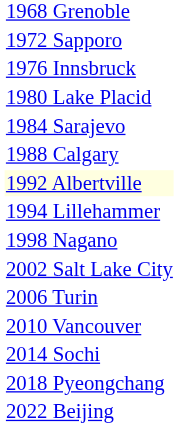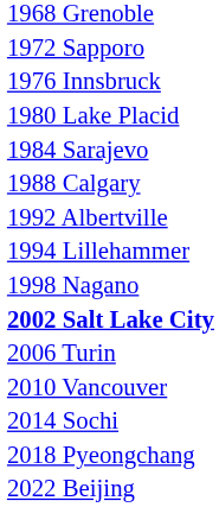 <table>
 <tr valign="top">
 <td><a href='#'>1968 Grenoble</a><br></td>
 <td></td>
 <td></td>
 <td></td>
 </tr>
 <tr valign="top">
 <td><a href='#'>1972 Sapporo</a><br></td>
 <td></td>
 <td></td>
 <td></td>
 </tr>
 <tr valign="top">
 <td><a href='#'>1976 Innsbruck</a><br></td>
 <td></td>
 <td></td>
 <td></td>
 </tr>
 <tr valign="top">
 <td><a href='#'>1980 Lake Placid</a><br></td>
 <td></td>
 <td></td>
 <td></td>
 </tr>
 <tr valign="top">
 <td><a href='#'>1984 Sarajevo</a><br></td>
 <td></td>
 <td></td>
 <td></td>
 </tr>
 <tr valign="top">
 <td><a href='#'>1988 Calgary</a><br></td>
 <td></td>
 <td></td>
 <td></td>
 </tr>
 <tr valign="top">
-<td style="background: lightyellow;"><a href='#'>1992 Albertville</a><br></td>
+<td><a href='#'>1992 Albertville</a><br></td>
 <td></td>
 <td></td>
 <td></td>
 </tr>
 <tr valign="top">
 <td><a href='#'>1994 Lillehammer</a><br></td>
 <td></td>
 <td></td>
 <td></td>
 </tr>
 <tr valign="top">
 <td><a href='#'>1998 Nagano</a><br></td>
 <td></td>
 <td></td>
 <td></td>
 </tr>
 <tr valign="top">
-<td><a href='#'>2002 Salt Lake City</a><br></td>
+<td><strong><a href='#'>2002 Salt Lake City</a><br></strong></td>
 <td></td>
 <td></td>
 <td></td>
 </tr>
 <tr valign="top">
 <td><a href='#'>2006 Turin</a><br></td>
 <td></td>
 <td></td>
 <td></td>
 </tr>
 <tr valign="top">
 <td><a href='#'>2010 Vancouver</a><br></td>
 <td></td>
 <td></td>
 <td></td>
 </tr>
 <tr valign="top">
 <td><a href='#'>2014 Sochi</a><br></td>
 <td></td>
 <td></td>
 <td></td>
 </tr>
 <tr valign="top">
 <td><a href='#'>2018 Pyeongchang</a><br></td>
 <td></td>
 <td></td>
 <td></td>
 </tr>
 <tr valign="top">
 <td><a href='#'>2022 Beijing</a><br></td>
 <td></td>
 <td></td>
 <td></td>
 </tr>
 <tr>
 </tr>
 </table>
